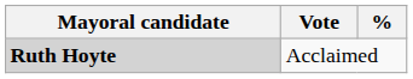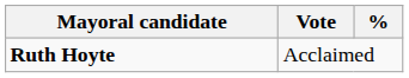 <table class="wikitable">
 <tr>
 <th width="200px">Mayoral candidate</th>
 <th width="50px">Vote</th>
 <th width="30px">%</th>
 </tr>
 <tr>
-<td style="background: lightgrey;"><strong>Ruth Hoyte</strong> </td>
+<td><strong>Ruth Hoyte</strong> </td>
 <td colspan="2">Acclaimed</td>
 </tr>
 </table>
